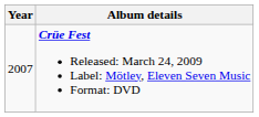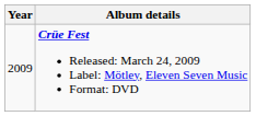 <table class="wikitable">
 <tr>
 <th>Year</th>
 <th>Album details</th>
 </tr>
 <tr>
-<td>2007</td>
+<td>2009</td>
 <td><strong><em><a href='#'>Crüe Fest</a></em></strong><br><ul><li>Released: March 24, 2009</li><li>Label: <a href='#'>Mötley</a>, <a href='#'>Eleven Seven Music</a></li><li>Format: DVD</li></ul></td>
 </tr>
 </table>
